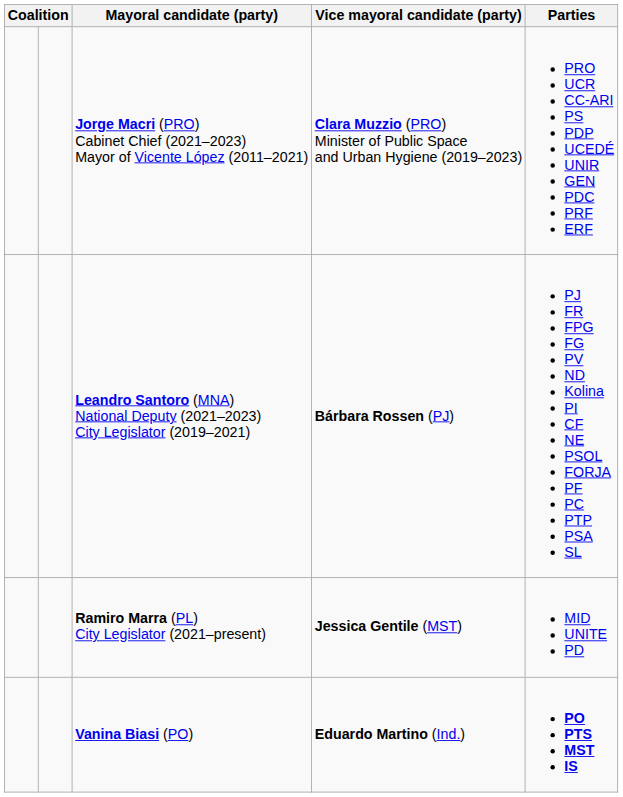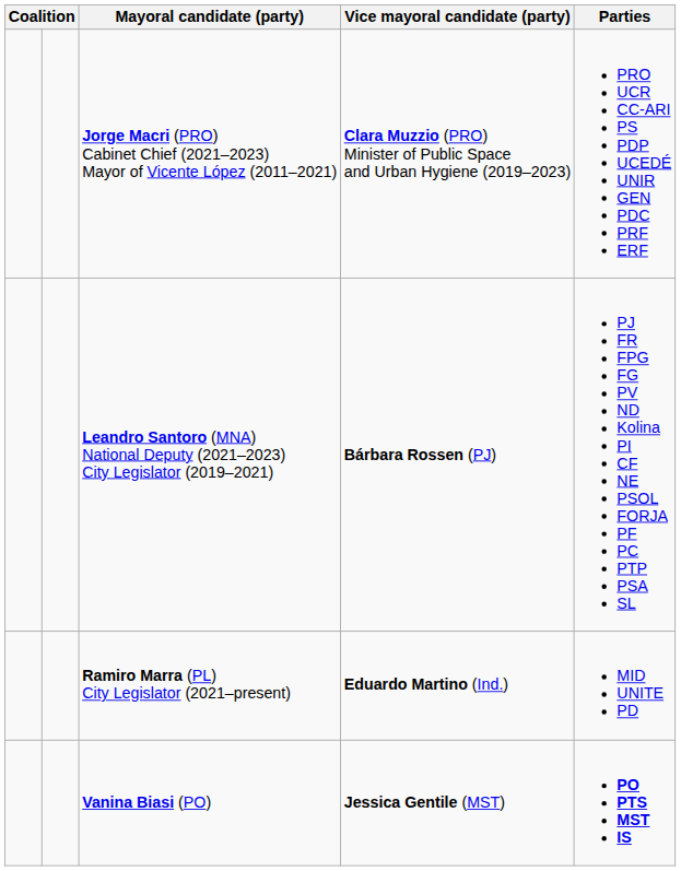 <table class="vertical-align-top wikitable">
 <tr>
 <th scope=colgroup colspan=2>Coalition</th>
 <th scope=colgroup>Mayoral candidate (party)<br></th>
 <th scope=colgroup>Vice mayoral candidate (party)<br></th>
 <th scope=col>Parties</th>
 </tr>
 <tr>
 <td style="background:"></td>
 <td style="text-align:center; line-height:1.3"></td>
 <td><strong><a href='#'>Jorge Macri</a></strong> (<a href='#'>PRO</a>)<br>Cabinet Chief (2021–2023)<br>Mayor of <a href='#'>Vicente López</a> (2011–2021)</td>
 <td><strong><a href='#'>Clara Muzzio</a></strong> (<a href='#'>PRO</a>)<br>Minister of Public Space<br>and Urban Hygiene (2019–2023)</td>
 <td><br><ul><li><a href='#'>PRO</a></li><li><a href='#'>UCR</a></li><li><a href='#'>CC-ARI</a></li><li><a href='#'>PS</a></li><li><a href='#'>PDP</a></li><li><a href='#'>UCEDÉ</a></li><li><a href='#'>UNIR</a></li><li><a href='#'>GEN</a></li><li><a href='#'>PDC</a></li><li><a href='#'>PRF</a></li><li><a href='#'>ERF</a></li></ul></td>
 </tr>
 <tr>
 <td style=background:></td>
 <td style="text-align:center; line-height:1.3"></td>
 <td><strong><a href='#'>Leandro Santoro</a></strong> (<a href='#'>MNA</a>)<br><a href='#'>National Deputy</a> (2021–2023)<br><a href='#'>City Legislator</a> (2019–2021)</td>
 <td><strong>Bárbara Rossen</strong> (<a href='#'>PJ</a>)</td>
 <td><br><ul><li><a href='#'>PJ</a></li><li><a href='#'>FR</a></li><li><a href='#'>FPG</a></li><li><a href='#'>FG</a></li><li><a href='#'>PV</a></li><li><a href='#'>ND</a></li><li><a href='#'>Kolina</a></li><li><a href='#'>PI</a></li><li><a href='#'>CF</a></li><li><a href='#'>NE</a></li><li><a href='#'>PSOL</a></li><li><a href='#'>FORJA</a></li><li><a href='#'>PF</a></li><li><a href='#'>PC</a></li><li><a href='#'>PTP</a></li><li><a href='#'>PSA</a></li><li><a href='#'>SL</a></li></ul></td>
 </tr>
 <tr>
 <td style=background:></td>
 <td style="text-align:center; line-height:1.3"></td>
 <td><strong>Ramiro Marra</strong> (<a href='#'>PL</a>)<br><a href='#'>City Legislator</a> (2021–present)</td>
-<td><strong>Jessica Gentile</strong> (<a href='#'>MST</a>)</td>
+<td><strong>Eduardo Martino</strong> (<a href='#'>Ind.</a>)</td>
 <td><br><ul><li><a href='#'>MID</a></li><li><a href='#'>UNITE</a></li><li><a href='#'>PD</a></li></ul></td>
 </tr>
 <tr>
 <td style=background:></td>
 <td style="text-align:center; line-height:1.3"></td>
 <td><strong><a href='#'>Vanina Biasi</a></strong> (<a href='#'>PO</a>)</td>
-<td><strong>Eduardo Martino</strong> (<a href='#'>Ind.</a>)</td>
+<td><strong>Jessica Gentile</strong> (<a href='#'>MST</a>)</td>
 <td><strong><br><ul><li><a href='#'>PO</a></li><li><a href='#'>PTS</a></li><li><a href='#'>MST</a></li><li><a href='#'>IS</a></li></ul></strong></td>
 </tr>
 </table>
